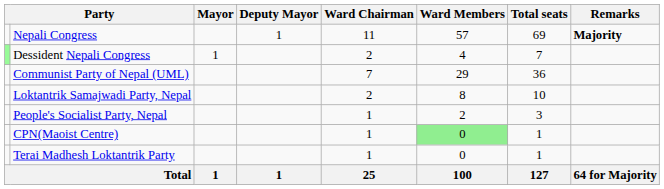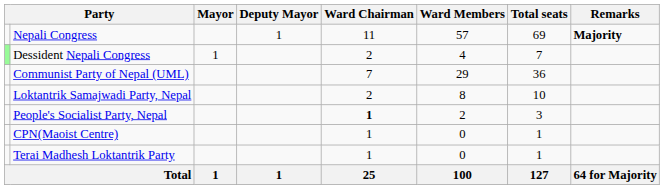 <table class="wikitable sortable">
 <tr>
 <th colspan="2" style="text-align:centre;">Party</th>
 <th>Mayor</th>
 <th>Deputy Mayor</th>
 <th>Ward Chairman</th>
 <th>Ward Members</th>
 <th>Total seats</th>
 <th>Remarks</th>
 </tr>
 <tr>
 <td style="background-color:"></td>
 <td style="text-align:left;"><a href='#'>Nepali Congress</a></td>
 <td></td>
 <td style="text-align:center;">1</td>
 <td style="text-align:center;">11</td>
 <td style="text-align:center;">57</td>
 <td style="text-align:center;">69</td>
 <td><strong>Majority</strong></td>
 </tr>
 <tr>
 <td style="background-color:palegreen;"></td>
 <td style="text-align:left;">Dessident <a href='#'>Nepali Congress</a></td>
 <td style="text-align:center;">1</td>
 <td></td>
 <td style="text-align:center;">2</td>
 <td style="text-align:center;">4</td>
 <td style="text-align:center;">7</td>
 <td></td>
 </tr>
 <tr>
 <td style="background-color:"></td>
 <td style="text-align:left;"><a href='#'>Communist Party of Nepal (UML)</a></td>
 <td></td>
 <td></td>
 <td style="text-align:center;">7</td>
 <td style="text-align:center;">29</td>
 <td style="text-align:center;">36</td>
 <td></td>
 </tr>
 <tr>
 <td style="background-color:"></td>
 <td style="text-align:left;"><a href='#'>Loktantrik Samajwadi Party, Nepal</a></td>
 <td></td>
 <td></td>
 <td style="text-align:center;">2</td>
 <td style="text-align:center;">8</td>
 <td style="text-align:center;">10</td>
 <td></td>
 </tr>
 <tr>
 <td style="background-color:"></td>
 <td style="text-align:left;"><a href='#'>People's Socialist Party, Nepal</a></td>
 <td></td>
 <td></td>
-<td style="text-align:center;">1</td>
+<td style="text-align:center;"><strong>1</strong></td>
 <td style="text-align:center;">2</td>
 <td style="text-align:center;">3</td>
 <td></td>
 </tr>
 <tr>
 <td style="background-color:"></td>
 <td style="text-align:left;"><a href='#'>CPN(Maoist Centre)</a></td>
 <td></td>
 <td></td>
 <td style="text-align:center;">1</td>
-<td style="background: lightgreen; text-align:center;">0</td>
+<td style="text-align:center;">0</td>
 <td style="text-align:center;">1</td>
 <td></td>
 </tr>
 <tr>
 <td style="background-color:"></td>
 <td style="text-align:left;"><a href='#'>Terai Madhesh Loktantrik Party</a></td>
 <td></td>
 <td></td>
 <td style="text-align:center;">1</td>
 <td style="text-align:center;">0</td>
 <td style="text-align:center;">1</td>
 <td></td>
 </tr>
 <tr>
 <th colspan="2" style="text-align:right;">Total</th>
 <th>1</th>
 <th>1</th>
 <th>25</th>
 <th>100</th>
 <th>127</th>
 <th>64 for Majority</th>
 </tr>
 </table>
